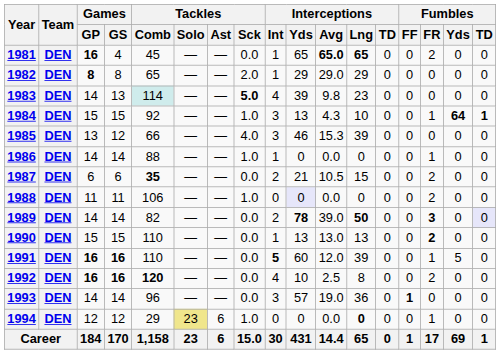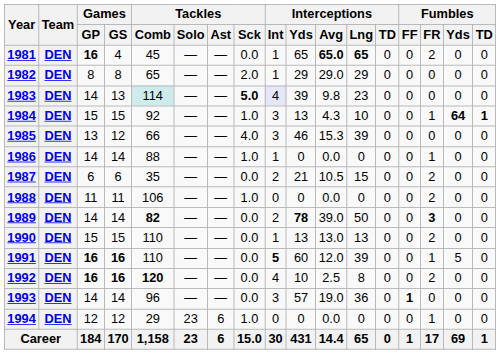 <table class="wikitable" style="text-align:center">
 <tr>
 <th rowspan="2">Year</th>
 <th rowspan="2">Team</th>
 <th colspan="2">Games</th>
 <th colspan="4">Tackles</th>
 <th colspan="5">Interceptions</th>
 <th colspan="4">Fumbles</th>
 </tr>
 <tr>
 <th>GP</th>
 <th>GS</th>
 <th>Comb</th>
 <th>Solo</th>
 <th>Ast</th>
 <th>Sck</th>
 <th>Int</th>
 <th>Yds</th>
 <th>Avg</th>
 <th>Lng</th>
 <th>TD</th>
 <th>FF</th>
 <th>FR</th>
 <th>Yds</th>
 <th>TD</th>
 </tr>
 <tr>
 <th><a href='#'>1981</a></th>
 <th><a href='#'>DEN</a></th>
 <td><strong>16</strong></td>
 <td>4</td>
 <td>45</td>
 <td>—</td>
 <td>—</td>
 <td>0.0</td>
 <td>1</td>
 <td>65</td>
 <td><strong>65.0</strong></td>
 <td><strong>65</strong></td>
 <td>0</td>
 <td>0</td>
 <td>2</td>
 <td>0</td>
 <td>0</td>
 </tr>
 <tr>
 <th><a href='#'>1982</a></th>
 <th><a href='#'>DEN</a></th>
-<td><strong>8</strong></td>
+<td>8</td>
 <td>8</td>
 <td>65</td>
 <td>—</td>
 <td>—</td>
 <td>2.0</td>
 <td>1</td>
 <td>29</td>
 <td>29.0</td>
 <td>29</td>
 <td>0</td>
 <td>0</td>
 <td>0</td>
 <td>0</td>
 <td>0</td>
 </tr>
 <tr>
 <th><a href='#'>1983</a></th>
 <th><a href='#'>DEN</a></th>
 <td>14</td>
 <td>13</td>
 <td style="background:#cfecec;">114</td>
 <td>—</td>
 <td>—</td>
 <td><strong>5.0</strong></td>
-<td>4</td>
+<td style="background: lavender;">4</td>
 <td>39</td>
 <td>9.8</td>
 <td>23</td>
 <td>0</td>
 <td>0</td>
 <td>0</td>
 <td>0</td>
 <td>0</td>
 </tr>
 <tr>
 <th><a href='#'>1984</a></th>
 <th><a href='#'>DEN</a></th>
 <td>15</td>
 <td>15</td>
 <td>92</td>
 <td>—</td>
 <td>—</td>
 <td>1.0</td>
 <td>3</td>
 <td>13</td>
 <td>4.3</td>
 <td>10</td>
 <td>0</td>
 <td>0</td>
 <td>1</td>
 <td><strong>64</strong></td>
 <td><strong>1</strong></td>
 </tr>
 <tr>
 <th><a href='#'>1985</a></th>
 <th><a href='#'>DEN</a></th>
 <td>13</td>
 <td>12</td>
 <td>66</td>
 <td>—</td>
 <td>—</td>
 <td>4.0</td>
 <td>3</td>
 <td>46</td>
 <td>15.3</td>
 <td>39</td>
 <td>0</td>
 <td>0</td>
 <td>0</td>
 <td>0</td>
 <td>0</td>
 </tr>
 <tr>
 <th><a href='#'>1986</a></th>
 <th><a href='#'>DEN</a></th>
 <td>14</td>
 <td>14</td>
 <td>88</td>
 <td>—</td>
 <td>—</td>
 <td>1.0</td>
 <td>1</td>
 <td>0</td>
 <td>0.0</td>
 <td>0</td>
 <td>0</td>
 <td>0</td>
 <td>1</td>
 <td>0</td>
 <td>0</td>
 </tr>
 <tr>
 <th><a href='#'>1987</a></th>
 <th><a href='#'>DEN</a></th>
 <td>6</td>
 <td>6</td>
-<td><strong>35</strong></td>
+<td>35</td>
 <td>—</td>
 <td>—</td>
 <td>0.0</td>
 <td>2</td>
 <td>21</td>
 <td>10.5</td>
 <td>15</td>
 <td>0</td>
 <td>0</td>
 <td>2</td>
 <td>0</td>
 <td>0</td>
 </tr>
 <tr>
 <th><a href='#'>1988</a></th>
 <th><a href='#'>DEN</a></th>
 <td>11</td>
 <td>11</td>
 <td>106</td>
 <td>—</td>
 <td>—</td>
 <td>1.0</td>
 <td>0</td>
-<td style="background: lavender;">0</td>
+<td>0</td>
 <td>0.0</td>
 <td>0</td>
 <td>0</td>
 <td>0</td>
 <td>2</td>
 <td>0</td>
 <td>0</td>
 </tr>
 <tr>
 <th><a href='#'>1989</a></th>
 <th><a href='#'>DEN</a></th>
 <td>14</td>
 <td>14</td>
-<td>82</td>
+<td><strong>82</strong></td>
 <td>—</td>
 <td>—</td>
 <td>0.0</td>
 <td>2</td>
 <td><strong>78</strong></td>
 <td>39.0</td>
-<td><strong>50</strong></td>
+<td>50</td>
 <td>0</td>
 <td>0</td>
 <td><strong>3</strong></td>
 <td>0</td>
-<td style="background: lavender;">0</td>
+<td>0</td>
 </tr>
 <tr>
 <th><a href='#'>1990</a></th>
 <th><a href='#'>DEN</a></th>
 <td>15</td>
 <td>15</td>
 <td>110</td>
 <td>—</td>
 <td>—</td>
 <td>0.0</td>
 <td>1</td>
 <td>13</td>
 <td>13.0</td>
 <td>13</td>
 <td>0</td>
 <td>0</td>
-<td><strong>2</strong></td>
+<td>2</td>
 <td>0</td>
 <td>0</td>
 </tr>
 <tr>
 <th><a href='#'>1991</a></th>
 <th><a href='#'>DEN</a></th>
 <td><strong>16</strong></td>
 <td><strong>16</strong></td>
 <td>110</td>
 <td>—</td>
 <td>—</td>
 <td>0.0</td>
 <td><strong>5</strong></td>
 <td>60</td>
 <td>12.0</td>
 <td>39</td>
 <td>0</td>
 <td>0</td>
 <td>1</td>
 <td>5</td>
 <td>0</td>
 </tr>
 <tr>
 <th><a href='#'>1992</a></th>
 <th><a href='#'>DEN</a></th>
 <td><strong>16</strong></td>
 <td><strong>16</strong></td>
 <td><strong>120</strong></td>
 <td>—</td>
 <td>—</td>
 <td>0.0</td>
 <td>4</td>
 <td>10</td>
 <td>2.5</td>
 <td>8</td>
 <td>0</td>
 <td>0</td>
 <td>2</td>
 <td>0</td>
 <td>0</td>
 </tr>
 <tr>
 <th><a href='#'>1993</a></th>
 <th><a href='#'>DEN</a></th>
 <td>14</td>
 <td>14</td>
 <td>96</td>
 <td>—</td>
 <td>—</td>
 <td>0.0</td>
 <td>3</td>
 <td>57</td>
 <td>19.0</td>
 <td>36</td>
 <td>0</td>
 <td><strong>1</strong></td>
 <td>0</td>
 <td>0</td>
 <td>0</td>
 </tr>
 <tr>
 <th><a href='#'>1994</a></th>
 <th><a href='#'>DEN</a></th>
 <td>12</td>
 <td>12</td>
 <td>29</td>
-<td style="background: khaki;">23</td>
+<td>23</td>
 <td>6</td>
 <td>1.0</td>
 <td>0</td>
 <td>0</td>
 <td>0.0</td>
-<td><strong>0</strong></td>
+<td>0</td>
 <td>0</td>
 <td>0</td>
 <td>1</td>
 <td>0</td>
 <td>0</td>
 </tr>
 <tr>
 <th colspan="2">Career</th>
 <th>184</th>
 <th>170</th>
 <th>1,158</th>
 <th>23</th>
 <th>6</th>
 <th>15.0</th>
 <th>30</th>
 <th>431</th>
 <th>14.4</th>
 <th>65</th>
 <th>0</th>
 <th>1</th>
 <th>17</th>
 <th>69</th>
 <th>1</th>
 </tr>
 </table>
